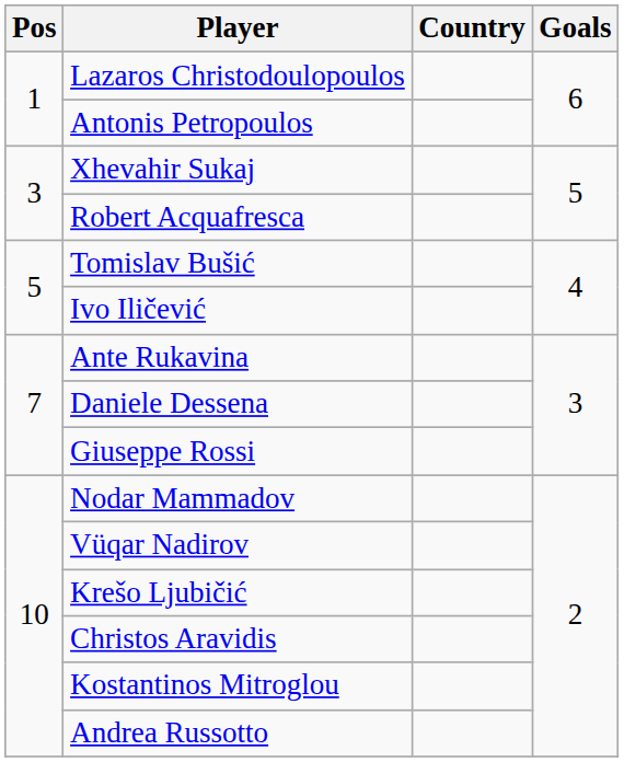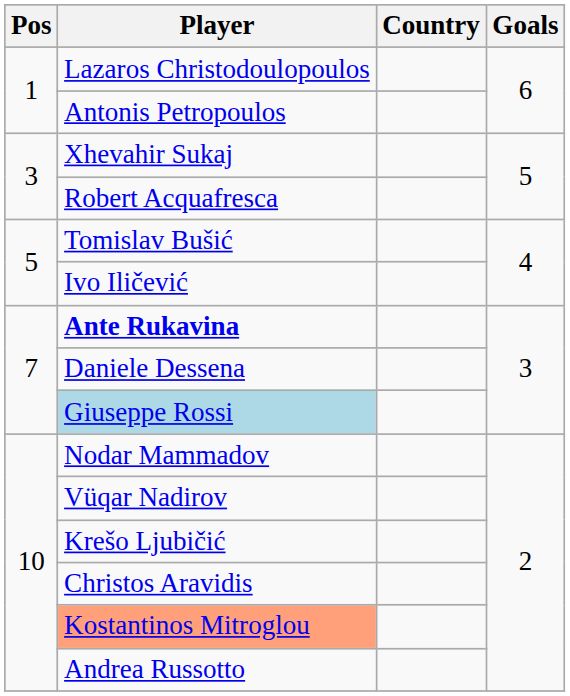 <table class="wikitable">
 <tr>
 <th>Pos</th>
 <th>Player</th>
 <th>Country</th>
 <th>Goals</th>
 </tr>
 <tr>
 <td rowspan="2" align=center>1</td>
 <td><a href='#'>Lazaros Christodoulopoulos</a></td>
 <td></td>
 <td rowspan="2" align=center>6</td>
 </tr>
 <tr>
 <td><a href='#'>Antonis Petropoulos</a></td>
 <td align="left"></td>
 </tr>
 <tr>
 <td rowspan="2" align=center>3</td>
 <td><a href='#'>Xhevahir Sukaj</a></td>
 <td></td>
 <td rowspan="2" align=center>5</td>
 </tr>
 <tr>
 <td><a href='#'>Robert Acquafresca</a></td>
 <td align="left"></td>
 </tr>
 <tr>
 <td rowspan="2" align=center>5</td>
 <td><a href='#'>Tomislav Bušić</a></td>
 <td></td>
 <td rowspan="2" align=center>4</td>
 </tr>
 <tr>
 <td><a href='#'>Ivo Iličević</a></td>
 <td></td>
 </tr>
 <tr>
 <td rowspan="3" align=center>7</td>
-<td><a href='#'>Ante Rukavina</a></td>
+<td><strong><a href='#'>Ante Rukavina</a></strong></td>
 <td></td>
 <td rowspan="3" align=center>3</td>
 </tr>
 <tr>
 <td><a href='#'>Daniele Dessena</a></td>
 <td></td>
 </tr>
 <tr>
-<td><a href='#'>Giuseppe Rossi</a></td>
+<td style="background: lightblue;"><a href='#'>Giuseppe Rossi</a></td>
 <td></td>
 </tr>
 <tr>
 <td rowspan="6" align=center>10</td>
 <td><a href='#'>Nodar Mammadov</a></td>
 <td></td>
 <td rowspan="6" align=center>2</td>
 </tr>
 <tr>
 <td><a href='#'>Vüqar Nadirov</a></td>
 <td></td>
 </tr>
 <tr>
 <td><a href='#'>Krešo Ljubičić</a></td>
 <td></td>
 </tr>
 <tr>
 <td><a href='#'>Christos Aravidis</a></td>
 <td></td>
 </tr>
 <tr>
-<td><a href='#'>Kostantinos Mitroglou</a></td>
+<td style="background: lightsalmon;"><a href='#'>Kostantinos Mitroglou</a></td>
 <td></td>
 </tr>
 <tr>
 <td><a href='#'>Andrea Russotto</a></td>
 <td></td>
 </tr>
 </table>
